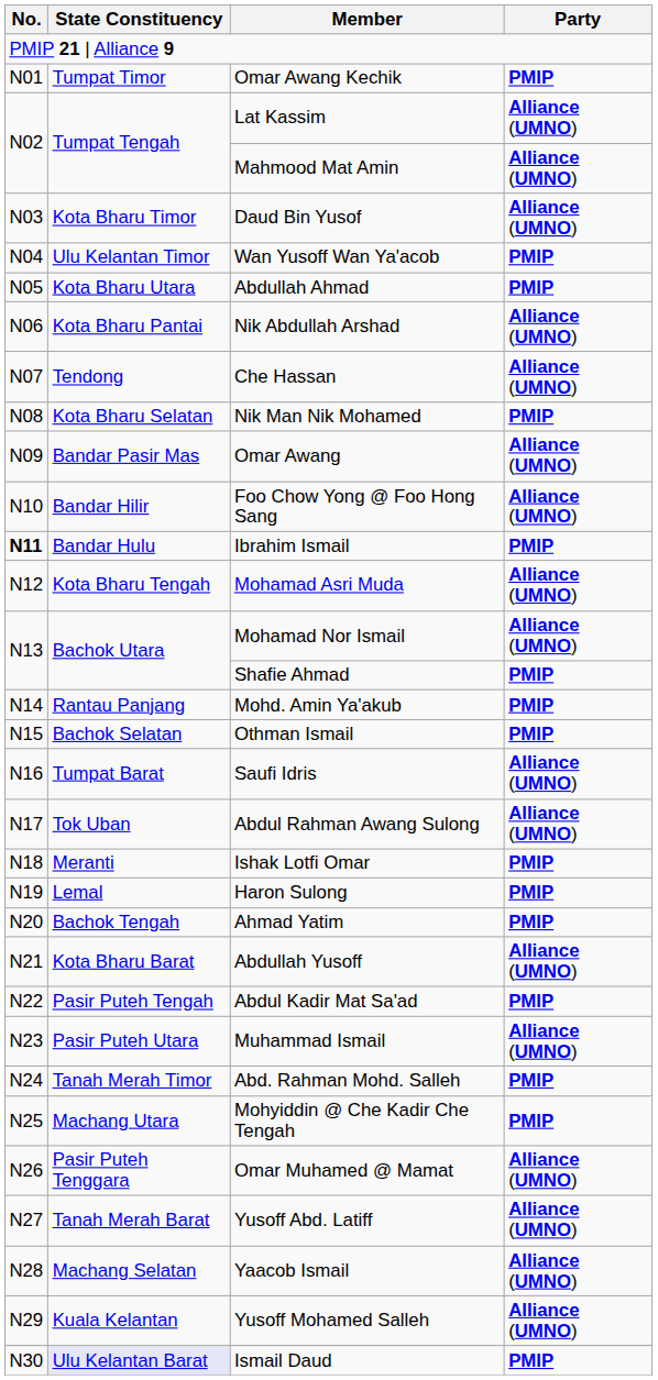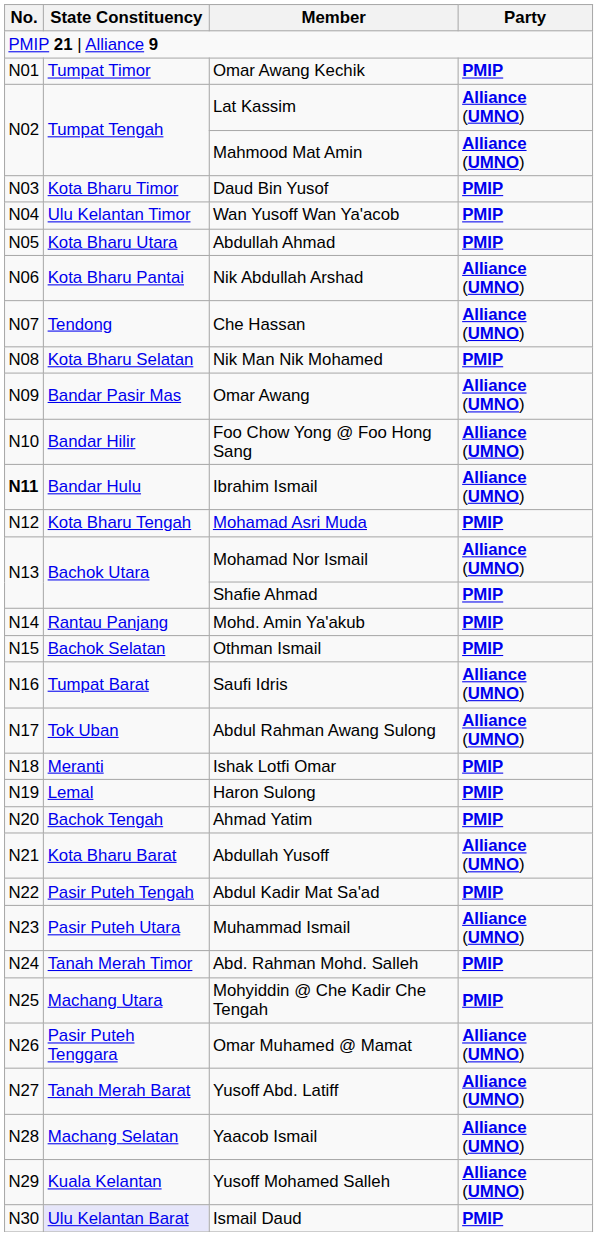 <table class="wikitable sortable">
 <tr>
 <th style="width:30px;">No.</th>
 <th style="width:150px;">State Constituency</th>
 <th style="width:230px;">Member</th>
 <th style="width:120px;">Party</th>
 </tr>
 <tr>
 <td colspan="4"><a href='#'>PMIP</a> <strong>21</strong> | <a href='#'>Alliance</a> <strong>9</strong></td>
 </tr>
 <tr>
 <td>N01</td>
 <td><a href='#'>Tumpat Timor</a></td>
 <td>Omar Awang Kechik</td>
 <td><strong><a href='#'>PMIP</a></strong></td>
 </tr>
 <tr>
 <td rowspan=2>N02</td>
 <td rowspan=2><a href='#'>Tumpat Tengah</a></td>
 <td>Lat Kassim </td>
 <td><strong><a href='#'>Alliance</a></strong> (<strong><a href='#'>UMNO</a></strong>)</td>
 </tr>
 <tr>
 <td>Mahmood Mat Amin </td>
 <td><strong><a href='#'>Alliance</a></strong> (<strong><a href='#'>UMNO</a></strong>)</td>
 </tr>
 <tr>
 <td>N03</td>
 <td><a href='#'>Kota Bharu Timor</a></td>
 <td>Daud Bin Yusof</td>
-<td><strong><a href='#'>Alliance</a></strong> (<strong><a href='#'>UMNO</a></strong>)</td>
+<td><strong><a href='#'>PMIP</a></strong></td>
 </tr>
 <tr>
 <td>N04</td>
 <td><a href='#'>Ulu Kelantan Timor</a></td>
 <td>Wan Yusoff Wan Ya'acob</td>
 <td><strong><a href='#'>PMIP</a></strong></td>
 </tr>
 <tr>
 <td>N05</td>
 <td><a href='#'>Kota Bharu Utara</a></td>
 <td>Abdullah Ahmad</td>
 <td><strong><a href='#'>PMIP</a></strong></td>
 </tr>
 <tr>
 <td>N06</td>
 <td><a href='#'>Kota Bharu Pantai</a></td>
 <td>Nik Abdullah Arshad</td>
 <td><strong><a href='#'>Alliance</a></strong> (<strong><a href='#'>UMNO</a></strong>)</td>
 </tr>
 <tr>
 <td>N07</td>
 <td><a href='#'>Tendong</a></td>
 <td>Che Hassan</td>
 <td><strong><a href='#'>Alliance</a></strong> (<strong><a href='#'>UMNO</a></strong>)</td>
 </tr>
 <tr>
 <td>N08</td>
 <td><a href='#'>Kota Bharu Selatan</a></td>
 <td>Nik Man Nik Mohamed</td>
 <td><strong><a href='#'>PMIP</a></strong></td>
 </tr>
 <tr>
 <td>N09</td>
 <td><a href='#'>Bandar Pasir Mas</a></td>
 <td>Omar Awang</td>
 <td><strong><a href='#'>Alliance</a></strong> (<strong><a href='#'>UMNO</a></strong>)</td>
 </tr>
 <tr>
 <td>N10</td>
 <td><a href='#'>Bandar Hilir</a></td>
 <td>Foo Chow Yong @ Foo Hong Sang</td>
 <td><strong><a href='#'>Alliance</a></strong> (<strong><a href='#'>UMNO</a></strong>)</td>
 </tr>
 <tr>
 <td><strong>N11</strong></td>
 <td><a href='#'>Bandar Hulu</a></td>
 <td>Ibrahim Ismail</td>
-<td><strong><a href='#'>PMIP</a></strong></td>
+<td><strong><a href='#'>Alliance</a></strong> (<strong><a href='#'>UMNO</a></strong>)</td>
 </tr>
 <tr>
 <td>N12</td>
 <td><a href='#'>Kota Bharu Tengah</a></td>
 <td><a href='#'>Mohamad Asri Muda</a></td>
-<td><strong><a href='#'>Alliance</a></strong> (<strong><a href='#'>UMNO</a></strong>)</td>
+<td><strong><a href='#'>PMIP</a></strong></td>
 </tr>
 <tr>
 <td rowspan=2>N13</td>
 <td rowspan=2><a href='#'>Bachok Utara</a></td>
 <td>Mohamad Nor Ismail </td>
 <td><strong><a href='#'>Alliance</a></strong> (<strong><a href='#'>UMNO</a></strong>)</td>
 </tr>
 <tr>
 <td>Shafie Ahmad </td>
 <td><strong><a href='#'>PMIP</a></strong></td>
 </tr>
 <tr>
 <td>N14</td>
 <td><a href='#'>Rantau Panjang</a></td>
 <td>Mohd. Amin Ya'akub</td>
 <td><strong><a href='#'>PMIP</a></strong></td>
 </tr>
 <tr>
 <td>N15</td>
 <td><a href='#'>Bachok Selatan</a></td>
 <td>Othman Ismail</td>
 <td><strong><a href='#'>PMIP</a></strong></td>
 </tr>
 <tr>
 <td>N16</td>
 <td><a href='#'>Tumpat Barat</a></td>
 <td>Saufi Idris</td>
 <td><strong><a href='#'>Alliance</a></strong> (<strong><a href='#'>UMNO</a></strong>)</td>
 </tr>
 <tr>
 <td>N17</td>
 <td><a href='#'>Tok Uban</a></td>
 <td>Abdul Rahman Awang Sulong</td>
 <td><strong><a href='#'>Alliance</a></strong> (<strong><a href='#'>UMNO</a></strong>)</td>
 </tr>
 <tr>
 <td>N18</td>
 <td><a href='#'>Meranti</a></td>
 <td>Ishak Lotfi Omar</td>
 <td><strong><a href='#'>PMIP</a></strong></td>
 </tr>
 <tr>
 <td>N19</td>
 <td><a href='#'>Lemal</a></td>
 <td>Haron Sulong</td>
 <td><strong><a href='#'>PMIP</a></strong></td>
 </tr>
 <tr>
 <td>N20</td>
 <td><a href='#'>Bachok Tengah</a></td>
 <td>Ahmad Yatim</td>
 <td><strong><a href='#'>PMIP</a></strong></td>
 </tr>
 <tr>
 <td>N21</td>
 <td><a href='#'>Kota Bharu Barat</a></td>
 <td>Abdullah Yusoff</td>
 <td><strong><a href='#'>Alliance</a></strong> (<strong><a href='#'>UMNO</a></strong>)</td>
 </tr>
 <tr>
 <td>N22</td>
 <td><a href='#'>Pasir Puteh Tengah</a></td>
 <td>Abdul Kadir Mat Sa'ad</td>
 <td><strong><a href='#'>PMIP</a></strong></td>
 </tr>
 <tr>
 <td>N23</td>
 <td><a href='#'>Pasir Puteh Utara</a></td>
 <td>Muhammad Ismail</td>
 <td><strong><a href='#'>Alliance</a></strong> (<strong><a href='#'>UMNO</a></strong>)</td>
 </tr>
 <tr>
 <td>N24</td>
 <td><a href='#'>Tanah Merah Timor</a></td>
 <td>Abd. Rahman Mohd. Salleh</td>
 <td><strong><a href='#'>PMIP</a></strong></td>
 </tr>
 <tr>
 <td>N25</td>
 <td><a href='#'>Machang Utara</a></td>
 <td>Mohyiddin @ Che Kadir Che Tengah</td>
 <td><strong><a href='#'>PMIP</a></strong></td>
 </tr>
 <tr>
 <td>N26</td>
 <td><a href='#'>Pasir Puteh Tenggara</a></td>
 <td>Omar Muhamed @ Mamat</td>
 <td><strong><a href='#'>Alliance</a></strong> (<strong><a href='#'>UMNO</a></strong>)</td>
 </tr>
 <tr>
 <td>N27</td>
 <td><a href='#'>Tanah Merah Barat</a></td>
 <td>Yusoff Abd. Latiff</td>
 <td><strong><a href='#'>Alliance</a></strong> (<strong><a href='#'>UMNO</a></strong>)</td>
 </tr>
 <tr>
 <td>N28</td>
 <td><a href='#'>Machang Selatan</a></td>
 <td>Yaacob Ismail</td>
 <td><strong><a href='#'>Alliance</a></strong> (<strong><a href='#'>UMNO</a></strong>)</td>
 </tr>
 <tr>
 <td>N29</td>
 <td><a href='#'>Kuala Kelantan</a></td>
 <td>Yusoff Mohamed Salleh</td>
 <td><strong><a href='#'>Alliance</a></strong> (<strong><a href='#'>UMNO</a></strong>)</td>
 </tr>
 <tr>
 <td>N30</td>
 <td style="background: lavender;"><a href='#'>Ulu Kelantan Barat</a></td>
 <td>Ismail Daud</td>
 <td><strong><a href='#'>PMIP</a></strong></td>
 </tr>
 </table>
